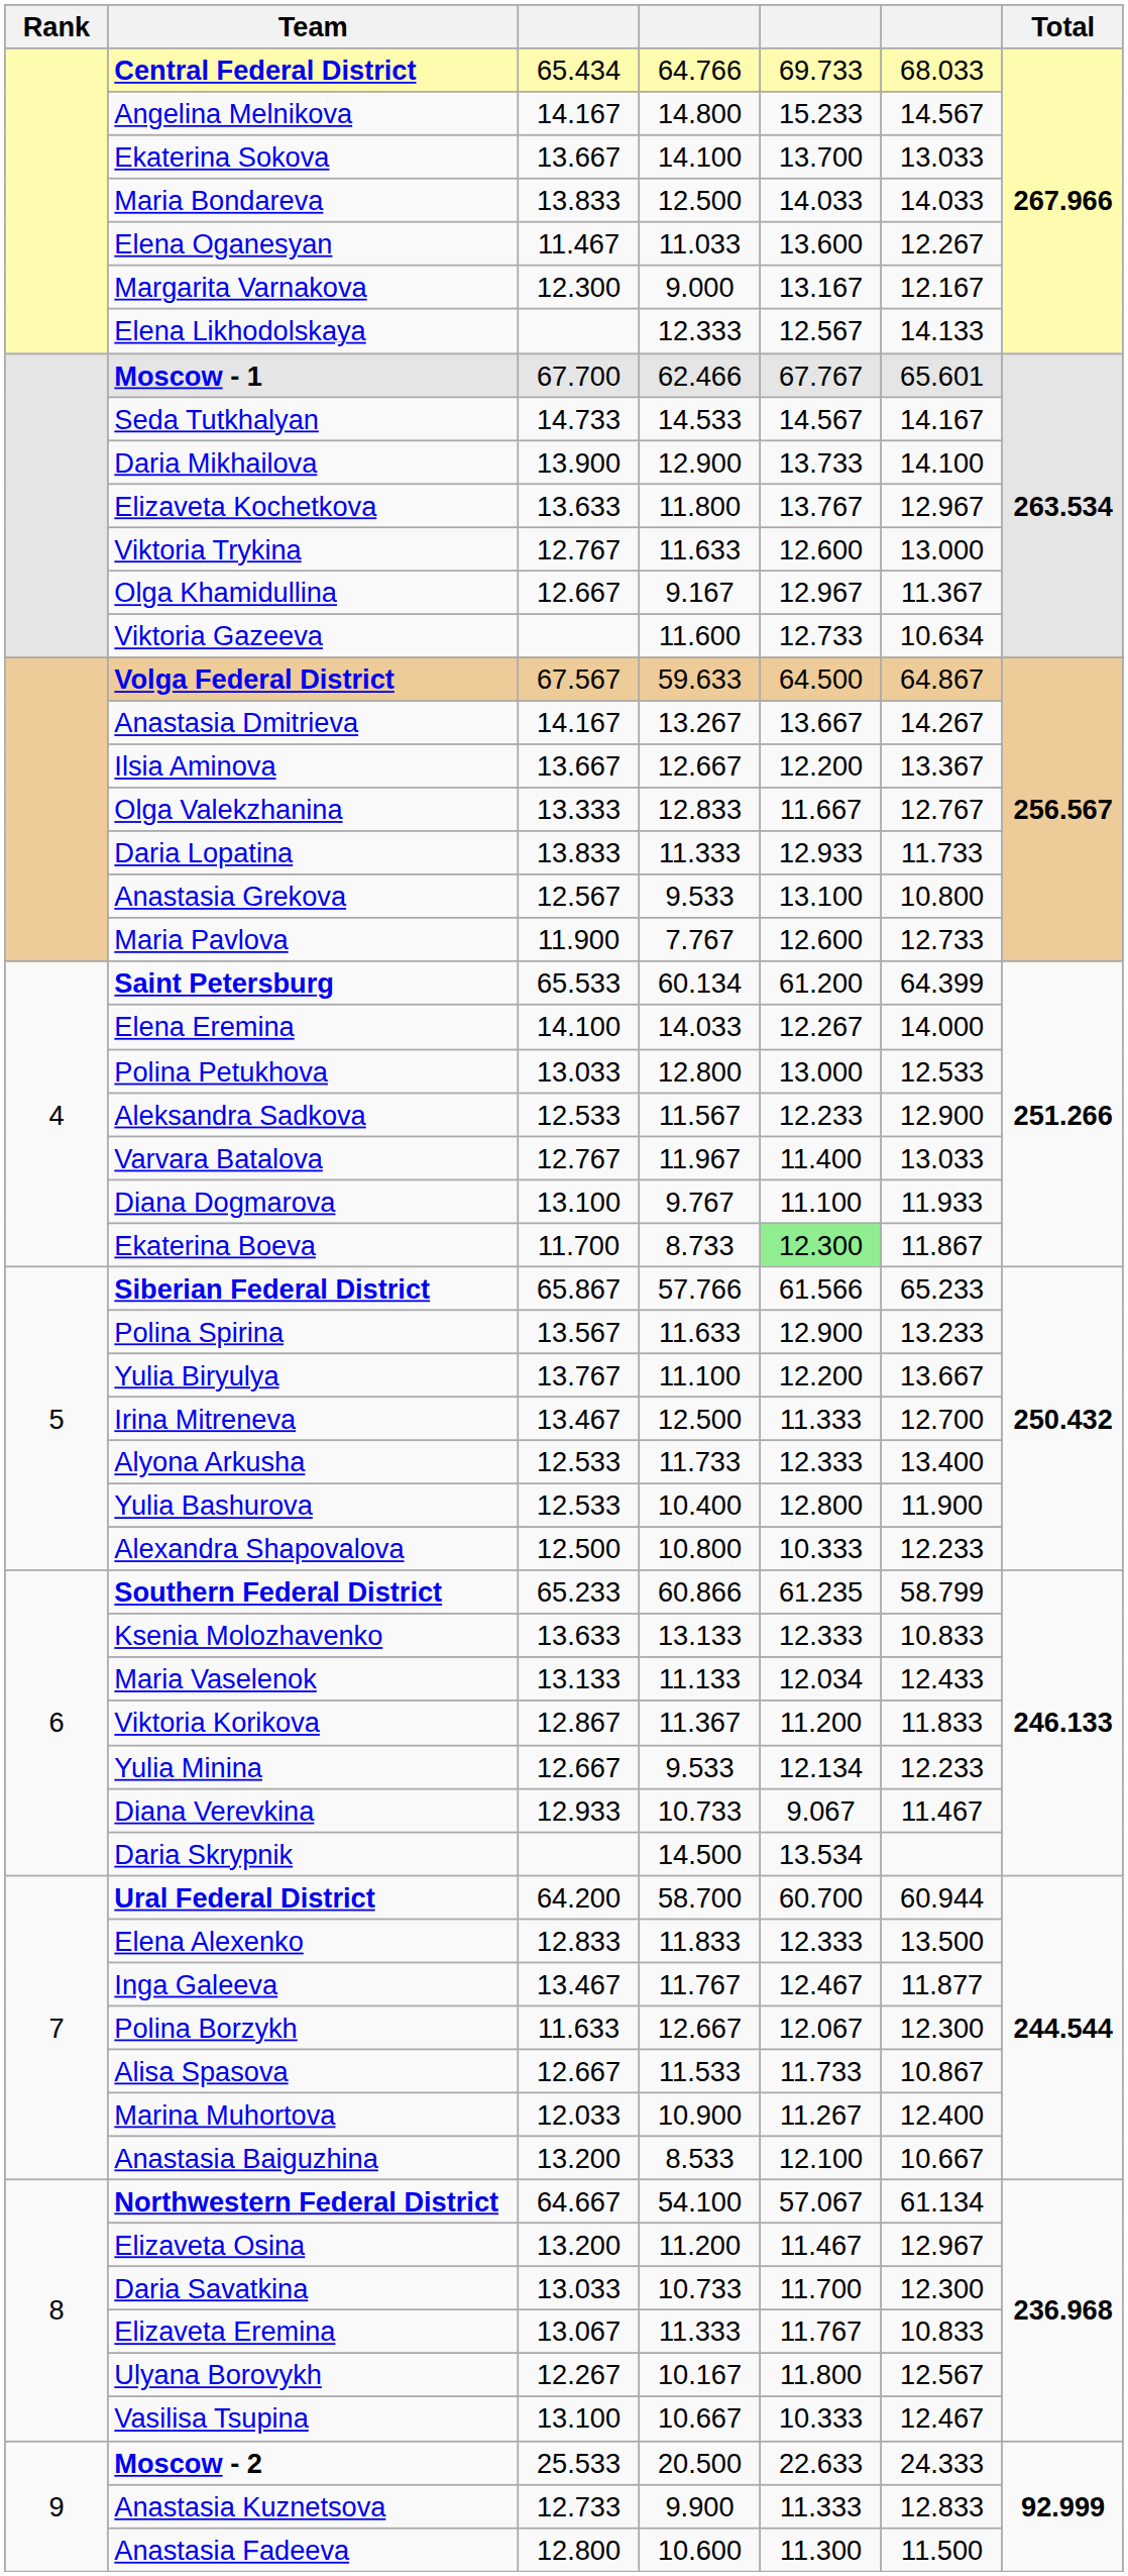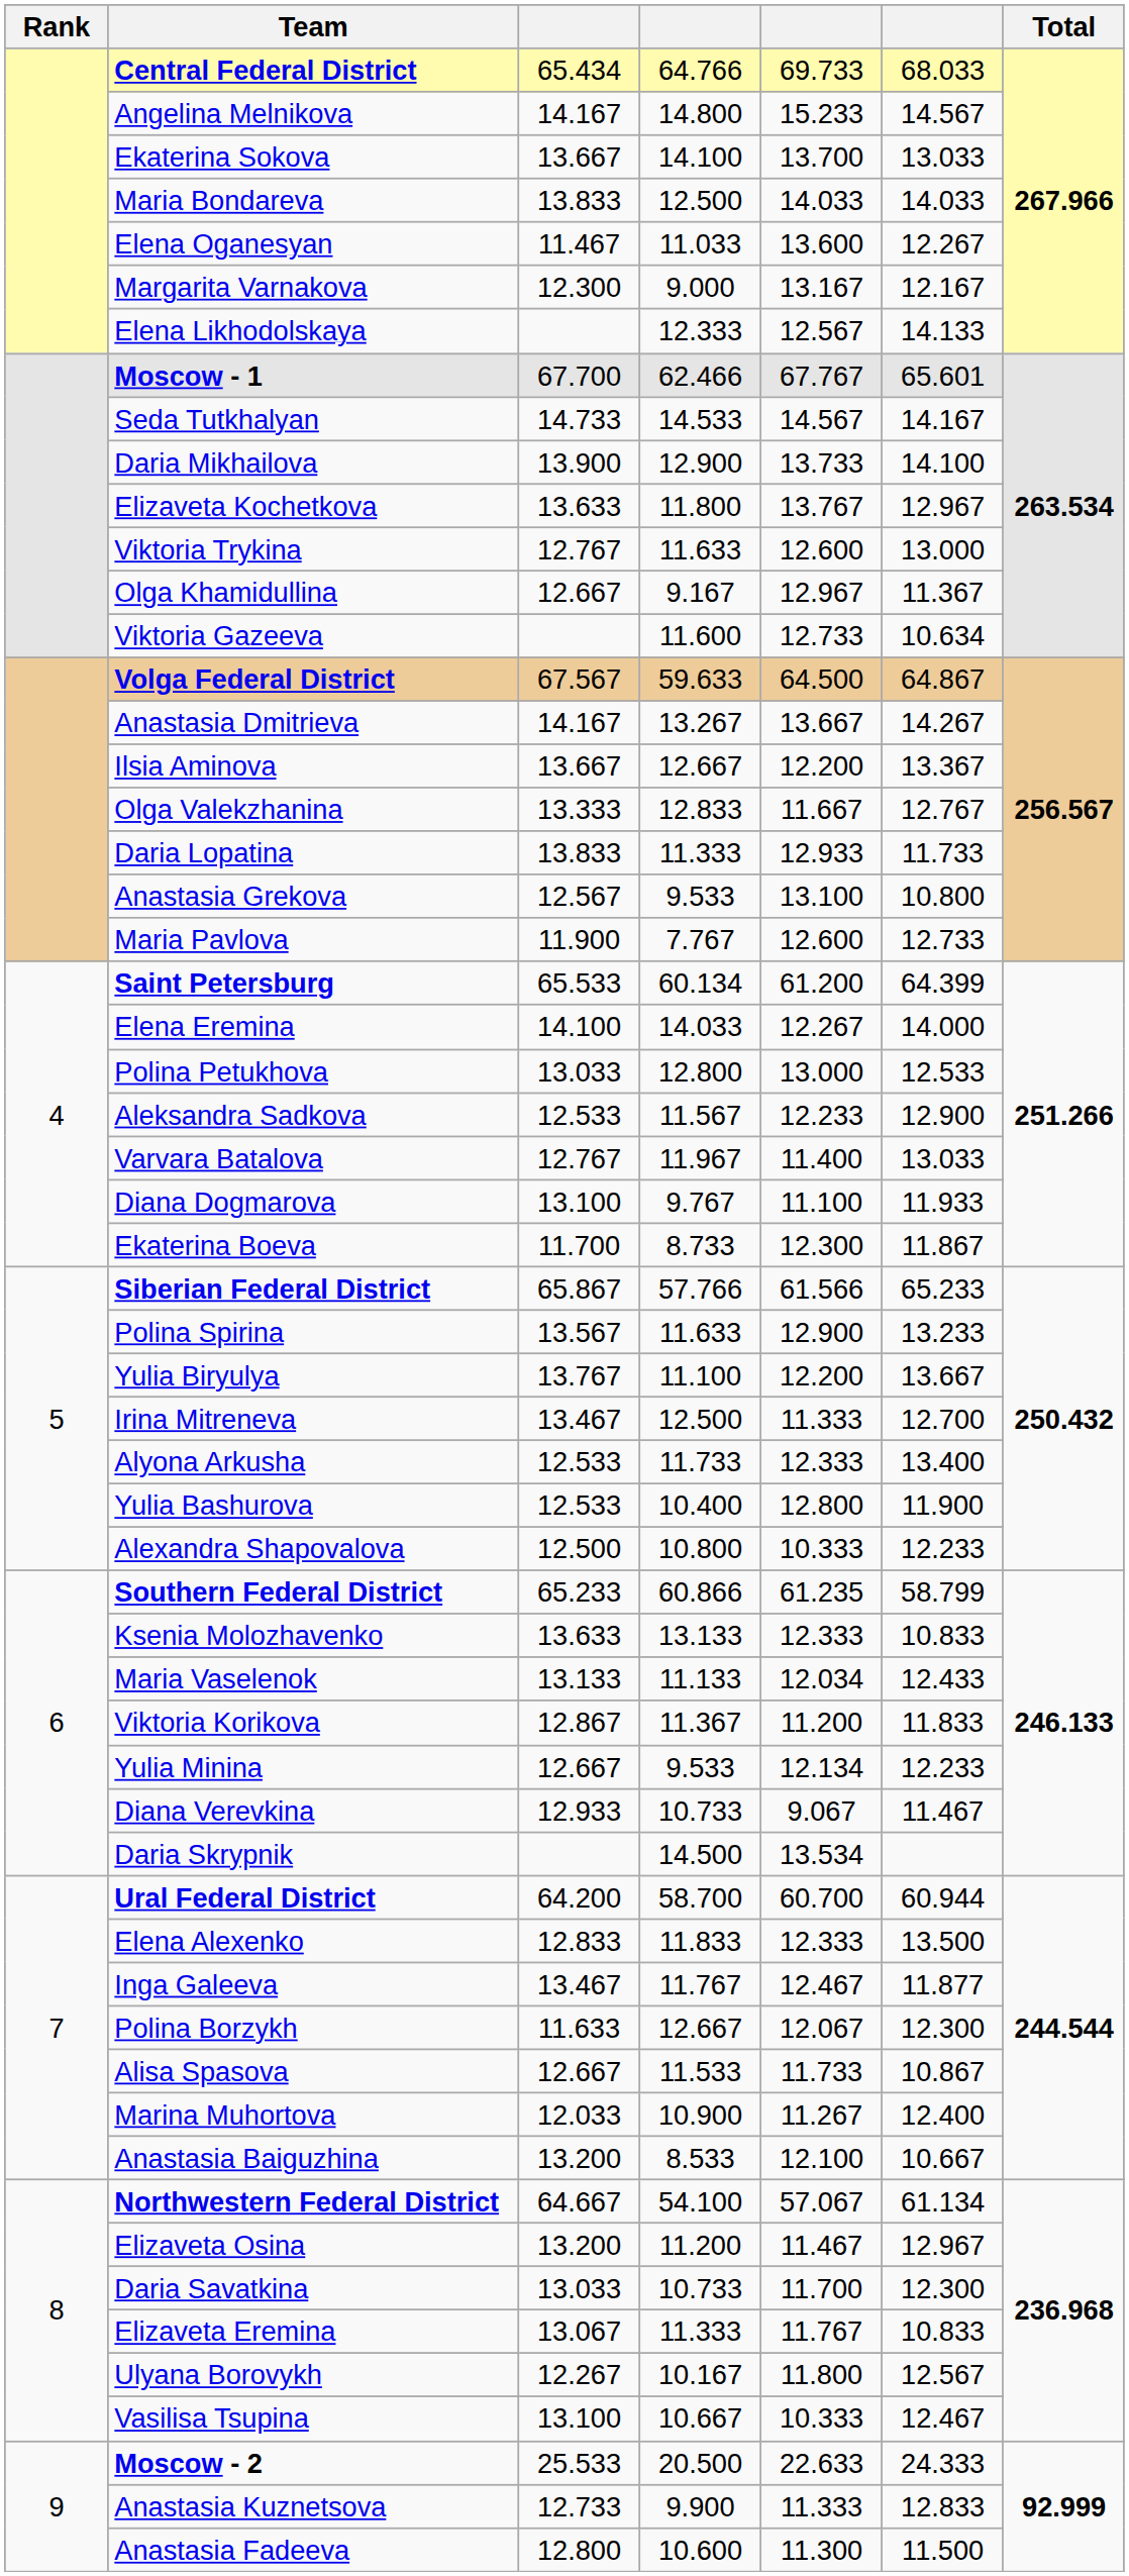 <table class="wikitable" style="text-align:center; font-size:95%">
 <tr>
 <th scope="col" style="width:50px;">Rank</th>
 <th scope="col" style="width:220px;">Team</th>
 <th scope="col" style="width:60px;"></th>
 <th scope="col" style="width:60px;"></th>
 <th scope="col" style="width:60px;"></th>
 <th scope="col" style="width:60px;"></th>
 <th scope="col" style="width:60px;">Total</th>
 </tr>
 <tr style="background:#fffcaf;">
 <td rowspan=7></td>
 <td style="text-align:left;"><strong><a href='#'>Central Federal District</a></strong></td>
 <td>65.434</td>
 <td>64.766</td>
 <td>69.733</td>
 <td>68.033</td>
 <td rowspan=7><strong>267.966</strong></td>
 </tr>
 <tr>
 <td style="text-align:left;"><a href='#'>Angelina Melnikova</a></td>
 <td>14.167</td>
 <td>14.800</td>
 <td>15.233</td>
 <td>14.567</td>
 </tr>
 <tr>
 <td style="text-align:left;"><a href='#'>Ekaterina Sokova</a></td>
 <td>13.667</td>
 <td>14.100</td>
 <td>13.700</td>
 <td>13.033</td>
 </tr>
 <tr>
 <td style="text-align:left;"><a href='#'>Maria Bondareva</a></td>
 <td>13.833</td>
 <td>12.500</td>
 <td>14.033</td>
 <td>14.033</td>
 </tr>
 <tr>
 <td style="text-align:left;"><a href='#'>Elena Oganesyan</a></td>
 <td>11.467</td>
 <td>11.033</td>
 <td>13.600</td>
 <td>12.267</td>
 </tr>
 <tr>
 <td style="text-align:left;"><a href='#'>Margarita Varnakova</a></td>
 <td>12.300</td>
 <td>9.000</td>
 <td>13.167</td>
 <td>12.167</td>
 </tr>
 <tr>
 <td style="text-align:left;"><a href='#'>Elena Likhodolskaya</a></td>
 <td></td>
 <td>12.333</td>
 <td>12.567</td>
 <td>14.133</td>
 </tr>
 <tr style="background:#e5e5e5;">
 <td rowspan=7></td>
 <td style="text-align:left;"><strong><a href='#'>Moscow</a> - 1</strong></td>
 <td>67.700</td>
 <td>62.466</td>
 <td>67.767</td>
 <td>65.601</td>
 <td rowspan=7><strong>263.534</strong></td>
 </tr>
 <tr>
 <td style="text-align:left;"><a href='#'>Seda Tutkhalyan</a></td>
 <td>14.733</td>
 <td>14.533</td>
 <td>14.567</td>
 <td>14.167</td>
 </tr>
 <tr>
 <td style="text-align:left;"><a href='#'>Daria Mikhailova</a></td>
 <td>13.900</td>
 <td>12.900</td>
 <td>13.733</td>
 <td>14.100</td>
 </tr>
 <tr>
 <td style="text-align:left;"><a href='#'>Elizaveta Kochetkova</a></td>
 <td>13.633</td>
 <td>11.800</td>
 <td>13.767</td>
 <td>12.967</td>
 </tr>
 <tr>
 <td style="text-align:left;"><a href='#'>Viktoria Trykina</a></td>
 <td>12.767</td>
 <td>11.633</td>
 <td>12.600</td>
 <td>13.000</td>
 </tr>
 <tr>
 <td style="text-align:left;"><a href='#'>Olga Khamidullina</a></td>
 <td>12.667</td>
 <td>9.167</td>
 <td>12.967</td>
 <td>11.367</td>
 </tr>
 <tr>
 <td style="text-align:left;"><a href='#'>Viktoria Gazeeva</a></td>
 <td></td>
 <td>11.600</td>
 <td>12.733</td>
 <td>10.634</td>
 </tr>
 <tr style="background:#ec9;">
 <td rowspan=7></td>
 <td style="text-align:left;"><strong><a href='#'>Volga Federal District</a></strong></td>
 <td>67.567</td>
 <td>59.633</td>
 <td>64.500</td>
 <td>64.867</td>
 <td rowspan=7><strong>256.567</strong></td>
 </tr>
 <tr>
 <td style="text-align:left;"><a href='#'>Anastasia Dmitrieva</a></td>
 <td>14.167</td>
 <td>13.267</td>
 <td>13.667</td>
 <td>14.267</td>
 </tr>
 <tr>
 <td style="text-align:left;"><a href='#'>Ilsia Aminova</a></td>
 <td>13.667</td>
 <td>12.667</td>
 <td>12.200</td>
 <td>13.367</td>
 </tr>
 <tr>
 <td style="text-align:left;"><a href='#'>Olga Valekzhanina</a></td>
 <td>13.333</td>
 <td>12.833</td>
 <td>11.667</td>
 <td>12.767</td>
 </tr>
 <tr>
 <td style="text-align:left;"><a href='#'>Daria Lopatina</a></td>
 <td>13.833</td>
 <td>11.333</td>
 <td>12.933</td>
 <td>11.733</td>
 </tr>
 <tr>
 <td style="text-align:left;"><a href='#'>Anastasia Grekova</a></td>
 <td>12.567</td>
 <td>9.533</td>
 <td>13.100</td>
 <td>10.800</td>
 </tr>
 <tr>
 <td style="text-align:left;"><a href='#'>Maria Pavlova</a></td>
 <td>11.900</td>
 <td>7.767</td>
 <td>12.600</td>
 <td>12.733</td>
 </tr>
 <tr>
 <td rowspan=7>4</td>
 <td style="text-align:left;"><strong><a href='#'>Saint Petersburg</a></strong></td>
 <td>65.533</td>
 <td>60.134</td>
 <td>61.200</td>
 <td>64.399</td>
 <td rowspan=7><strong>251.266</strong></td>
 </tr>
 <tr>
 <td style="text-align:left;"><a href='#'>Elena Eremina</a></td>
 <td>14.100</td>
 <td>14.033</td>
 <td>12.267</td>
 <td>14.000</td>
 </tr>
 <tr>
 <td style="text-align:left;"><a href='#'>Polina Petukhova</a></td>
 <td>13.033</td>
 <td>12.800</td>
 <td>13.000</td>
 <td>12.533</td>
 </tr>
 <tr>
 <td style="text-align:left;"><a href='#'>Aleksandra Sadkova</a></td>
 <td>12.533</td>
 <td>11.567</td>
 <td>12.233</td>
 <td>12.900</td>
 </tr>
 <tr>
 <td style="text-align:left;"><a href='#'>Varvara Batalova</a></td>
 <td>12.767</td>
 <td>11.967</td>
 <td>11.400</td>
 <td>13.033</td>
 </tr>
 <tr>
 <td style="text-align:left;"><a href='#'>Diana Dogmarova</a></td>
 <td>13.100</td>
 <td>9.767</td>
 <td>11.100</td>
 <td>11.933</td>
 </tr>
 <tr>
 <td style="text-align:left;"><a href='#'>Ekaterina Boeva</a></td>
 <td>11.700</td>
 <td>8.733</td>
-<td style="background: lightgreen;">12.300</td>
+<td>12.300</td>
 <td>11.867</td>
 </tr>
 <tr>
 <td rowspan=7>5</td>
 <td style="text-align:left;"><strong><a href='#'>Siberian Federal District</a></strong></td>
 <td>65.867</td>
 <td>57.766</td>
 <td>61.566</td>
 <td>65.233</td>
 <td rowspan=7><strong>250.432</strong></td>
 </tr>
 <tr>
 <td style="text-align:left;"><a href='#'>Polina Spirina</a></td>
 <td>13.567</td>
 <td>11.633</td>
 <td>12.900</td>
 <td>13.233</td>
 </tr>
 <tr>
 <td style="text-align:left;"><a href='#'>Yulia Biryulya</a></td>
 <td>13.767</td>
 <td>11.100</td>
 <td>12.200</td>
 <td>13.667</td>
 </tr>
 <tr>
 <td style="text-align:left;"><a href='#'>Irina Mitreneva</a></td>
 <td>13.467</td>
 <td>12.500</td>
 <td>11.333</td>
 <td>12.700</td>
 </tr>
 <tr>
 <td style="text-align:left;"><a href='#'>Alyona Arkusha</a></td>
 <td>12.533</td>
 <td>11.733</td>
 <td>12.333</td>
 <td>13.400</td>
 </tr>
 <tr>
 <td style="text-align:left;"><a href='#'>Yulia Bashurova</a></td>
 <td>12.533</td>
 <td>10.400</td>
 <td>12.800</td>
 <td>11.900</td>
 </tr>
 <tr>
 <td style="text-align:left;"><a href='#'>Alexandra Shapovalova</a></td>
 <td>12.500</td>
 <td>10.800</td>
 <td>10.333</td>
 <td>12.233</td>
 </tr>
 <tr>
 <td rowspan=7>6</td>
 <td style="text-align:left;"><strong><a href='#'>Southern Federal District</a></strong></td>
 <td>65.233</td>
 <td>60.866</td>
 <td>61.235</td>
 <td>58.799</td>
 <td rowspan=7><strong>246.133</strong></td>
 </tr>
 <tr>
 <td style="text-align:left;"><a href='#'>Ksenia Molozhavenko</a></td>
 <td>13.633</td>
 <td>13.133</td>
 <td>12.333</td>
 <td>10.833</td>
 </tr>
 <tr>
 <td style="text-align:left;"><a href='#'>Maria Vaselenok</a></td>
 <td>13.133</td>
 <td>11.133</td>
 <td>12.034</td>
 <td>12.433</td>
 </tr>
 <tr>
 <td style="text-align:left;"><a href='#'>Viktoria Korikova</a></td>
 <td>12.867</td>
 <td>11.367</td>
 <td>11.200</td>
 <td>11.833</td>
 </tr>
 <tr>
 <td style="text-align:left;"><a href='#'>Yulia Minina</a></td>
 <td>12.667</td>
 <td>9.533</td>
 <td>12.134</td>
 <td>12.233</td>
 </tr>
 <tr>
 <td style="text-align:left;"><a href='#'>Diana Verevkina</a></td>
 <td>12.933</td>
 <td>10.733</td>
 <td>9.067</td>
 <td>11.467</td>
 </tr>
 <tr>
 <td style="text-align:left;"><a href='#'>Daria Skrypnik</a></td>
 <td></td>
 <td>14.500</td>
 <td>13.534</td>
 <td></td>
 </tr>
 <tr>
 <td rowspan=7>7</td>
 <td style="text-align:left;"><strong><a href='#'>Ural Federal District</a></strong></td>
 <td>64.200</td>
 <td>58.700</td>
 <td>60.700</td>
 <td>60.944</td>
 <td rowspan=7><strong>244.544</strong></td>
 </tr>
 <tr>
 <td style="text-align:left;"><a href='#'>Elena Alexenko</a></td>
 <td>12.833</td>
 <td>11.833</td>
 <td>12.333</td>
 <td>13.500</td>
 </tr>
 <tr>
 <td style="text-align:left;"><a href='#'>Inga Galeeva</a></td>
 <td>13.467</td>
 <td>11.767</td>
 <td>12.467</td>
 <td>11.877</td>
 </tr>
 <tr>
 <td style="text-align:left;"><a href='#'>Polina Borzykh</a></td>
 <td>11.633</td>
 <td>12.667</td>
 <td>12.067</td>
 <td>12.300</td>
 </tr>
 <tr>
 <td style="text-align:left;"><a href='#'>Alisa Spasova</a></td>
 <td>12.667</td>
 <td>11.533</td>
 <td>11.733</td>
 <td>10.867</td>
 </tr>
 <tr>
 <td style="text-align:left;"><a href='#'>Marina Muhortova</a></td>
 <td>12.033</td>
 <td>10.900</td>
 <td>11.267</td>
 <td>12.400</td>
 </tr>
 <tr>
 <td style="text-align:left;"><a href='#'>Anastasia Baiguzhina</a></td>
 <td>13.200</td>
 <td>8.533</td>
 <td>12.100</td>
 <td>10.667</td>
 </tr>
 <tr>
 <td rowspan=6>8</td>
 <td style="text-align:left;"><strong><a href='#'>Northwestern Federal District</a></strong></td>
 <td>64.667</td>
 <td>54.100</td>
 <td>57.067</td>
 <td>61.134</td>
 <td rowspan=6><strong>236.968</strong></td>
 </tr>
 <tr>
 <td style="text-align:left;"><a href='#'>Elizaveta Osina</a></td>
 <td>13.200</td>
 <td>11.200</td>
 <td>11.467</td>
 <td>12.967</td>
 </tr>
 <tr>
 <td style="text-align:left;"><a href='#'>Daria Savatkina</a></td>
 <td>13.033</td>
 <td>10.733</td>
 <td>11.700</td>
 <td>12.300</td>
 </tr>
 <tr>
 <td style="text-align:left;"><a href='#'>Elizaveta Eremina</a></td>
 <td>13.067</td>
 <td>11.333</td>
 <td>11.767</td>
 <td>10.833</td>
 </tr>
 <tr>
 <td style="text-align:left;"><a href='#'>Ulyana Borovykh</a></td>
 <td>12.267</td>
 <td>10.167</td>
 <td>11.800</td>
 <td>12.567</td>
 </tr>
 <tr>
 <td style="text-align:left;"><a href='#'>Vasilisa Tsupina</a></td>
 <td>13.100</td>
 <td>10.667</td>
 <td>10.333</td>
 <td>12.467</td>
 </tr>
 <tr>
 <td rowspan=3>9</td>
 <td style="text-align:left;"><strong><a href='#'>Moscow</a> - 2</strong></td>
 <td>25.533</td>
 <td>20.500</td>
 <td>22.633</td>
 <td>24.333</td>
 <td rowspan=3><strong>92.999</strong></td>
 </tr>
 <tr>
 <td style="text-align:left;"><a href='#'>Anastasia Kuznetsova</a></td>
 <td>12.733</td>
 <td>9.900</td>
 <td>11.333</td>
 <td>12.833</td>
 </tr>
 <tr>
 <td style="text-align:left;"><a href='#'>Anastasia Fadeeva</a></td>
 <td>12.800</td>
 <td>10.600</td>
 <td>11.300</td>
 <td>11.500</td>
 </tr>
 </table>
